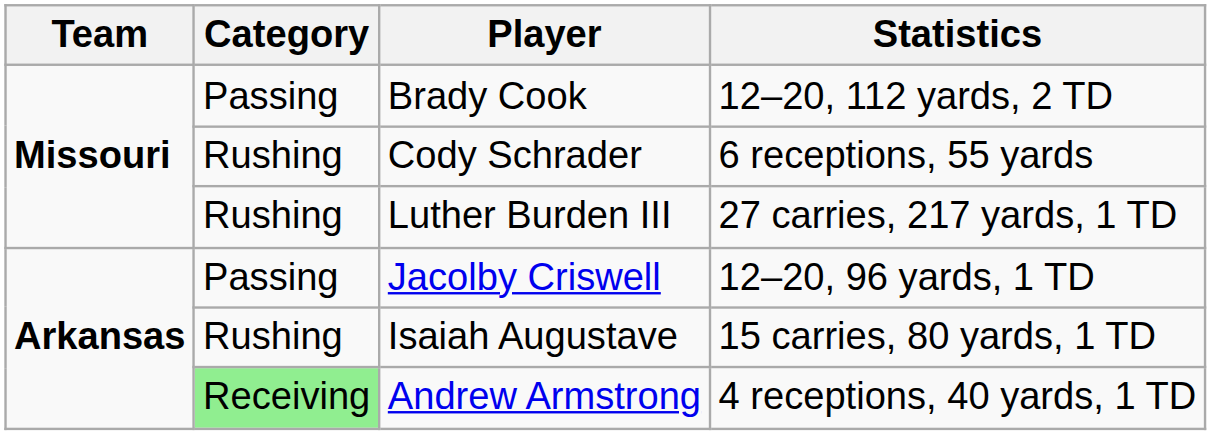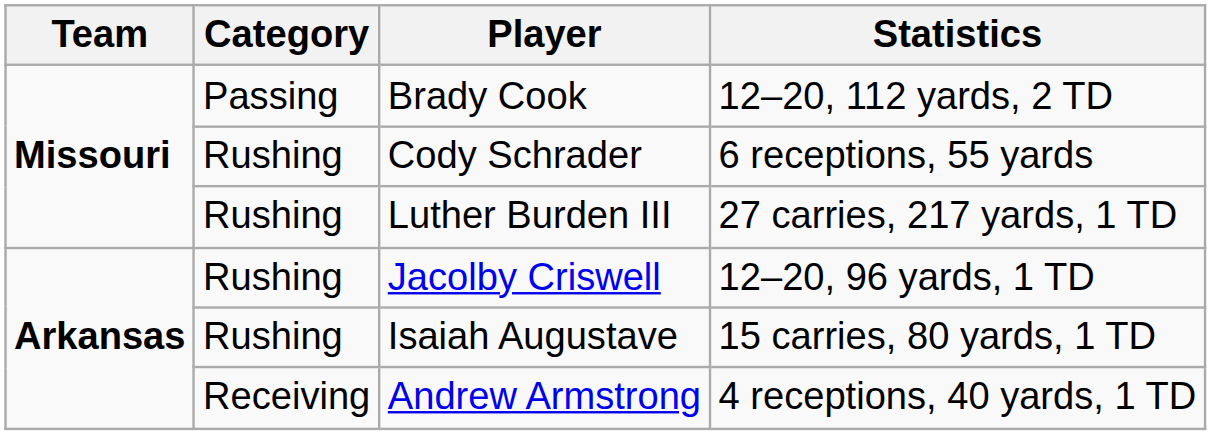 <table class="wikitable" style="float: right;">
 <tr>
 <th>Team</th>
 <th>Category</th>
 <th>Player</th>
 <th>Statistics</th>
 </tr>
 <tr>
 <td rowspan=3><strong>Missouri</strong></td>
 <td>Passing</td>
 <td>Brady Cook</td>
 <td>12–20, 112 yards, 2 TD</td>
 </tr>
 <tr>
 <td>Rushing</td>
 <td>Cody Schrader</td>
 <td>6 receptions, 55 yards</td>
 </tr>
 <tr>
 <td>Rushing</td>
 <td>Luther Burden III</td>
 <td>27 carries, 217 yards, 1 TD</td>
 </tr>
 <tr>
 <td rowspan=3><strong>Arkansas</strong></td>
-<td>Passing</td>
+<td>Rushing</td>
 <td><a href='#'>Jacolby Criswell</a></td>
 <td>12–20, 96 yards, 1 TD</td>
 </tr>
 <tr>
 <td>Rushing</td>
 <td>Isaiah Augustave</td>
 <td>15 carries, 80 yards, 1 TD</td>
 </tr>
 <tr>
-<td style="background: lightgreen;">Receiving</td>
+<td>Receiving</td>
 <td><a href='#'>Andrew Armstrong</a></td>
 <td>4 receptions, 40 yards, 1 TD</td>
 </tr>
 </table>
